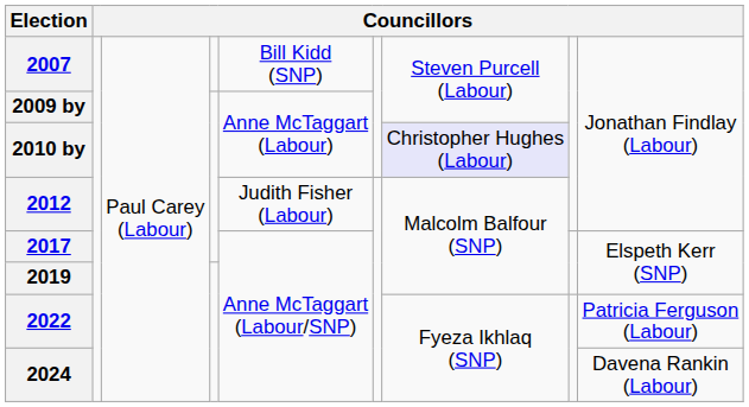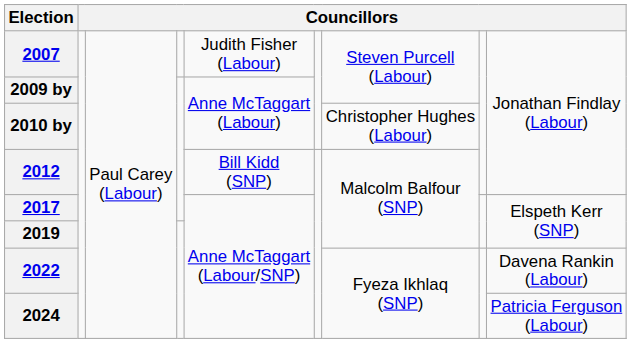 <table class="wikitable" style="text-align:center">
 <tr>
 <th>Election</th>
 <th colspan=8>Councillors</th>
 </tr>
 <tr>
 <th><a href='#'>2007</a></th>
 <td rowspan=8; style="background-color: "></td>
 <td rowspan=8>Paul Carey<br>(<a href='#'>Labour</a>)</td>
 <td rowspan=1; style="background-color: "></td>
-<td rowspan=1><a href='#'>Bill Kidd</a><br>(<a href='#'>SNP</a>)</td>
+<td rowspan=1>Judith Fisher<br>(<a href='#'>Labour</a>)</td>
 <td rowspan=3; style="background-color: "></td>
 <td rowspan=2><a href='#'>Steven Purcell</a><br>(<a href='#'>Labour</a>)</td>
 <td rowspan=4; style="background-color: "></td>
 <td rowspan=4>Jonathan Findlay<br>(<a href='#'>Labour</a>)</td>
 </tr>
 <tr>
 <th>2009 by</th>
 <td rowspan=4; style="background-color: "></td>
 <td rowspan=2><a href='#'>Anne McTaggart</a><br>(<a href='#'>Labour</a>)</td>
 </tr>
 <tr>
 <th>2010 by</th>
-<td rowspan=1 style="background: lavender;">Christopher Hughes<br>(<a href='#'>Labour</a>)</td>
+<td rowspan=1>Christopher Hughes<br>(<a href='#'>Labour</a>)</td>
 </tr>
 <tr>
 <th><a href='#'>2012</a></th>
-<td rowspan=1>Judith Fisher<br>(<a href='#'>Labour</a>)</td>
+<td rowspan=1><a href='#'>Bill Kidd</a><br>(<a href='#'>SNP</a>)</td>
 <td rowspan=5; style="background-color: "></td>
 <td rowspan=3>Malcolm Balfour<br>(<a href='#'>SNP</a>)</td>
 </tr>
 <tr>
 <th><a href='#'>2017</a></th>
 <td rowspan=4><a href='#'>Anne McTaggart</a><br>(<a href='#'>Labour</a>/<a href='#'>SNP</a>)</td>
 <td rowspan=2; style="background-color: "></td>
 <td rowspan=2>Elspeth Kerr<br>(<a href='#'>SNP</a>)</td>
 </tr>
 <tr>
 <th>2019</th>
 <td rowspan=3; style="background-color: "></td>
 </tr>
 <tr>
 <th><a href='#'>2022</a></th>
 <td rowspan=2>Fyeza Ikhlaq<br>(<a href='#'>SNP</a>)</td>
 <td rowspan=2; style="background-color: "></td>
-<td rowspan=1><a href='#'>Patricia Ferguson</a><br>(<a href='#'>Labour</a>)</td>
+<td rowspan=1>Davena Rankin<br>(<a href='#'>Labour</a>)</td>
 </tr>
 <tr>
 <th>2024</th>
-<td rowspan=1>Davena Rankin<br>(<a href='#'>Labour</a>)</td>
+<td rowspan=1><a href='#'>Patricia Ferguson</a><br>(<a href='#'>Labour</a>)</td>
 </tr>
 </table>
